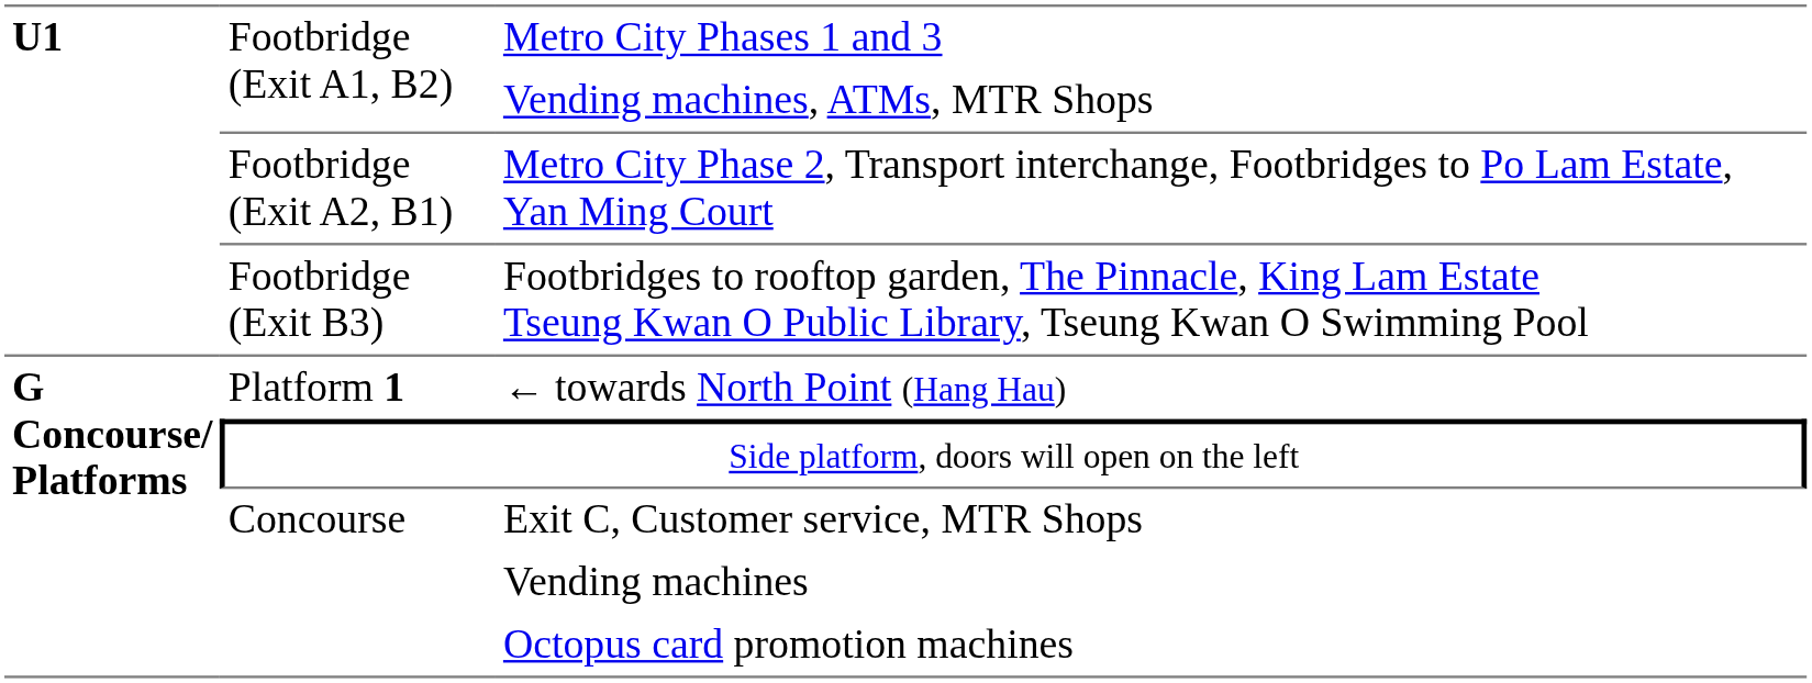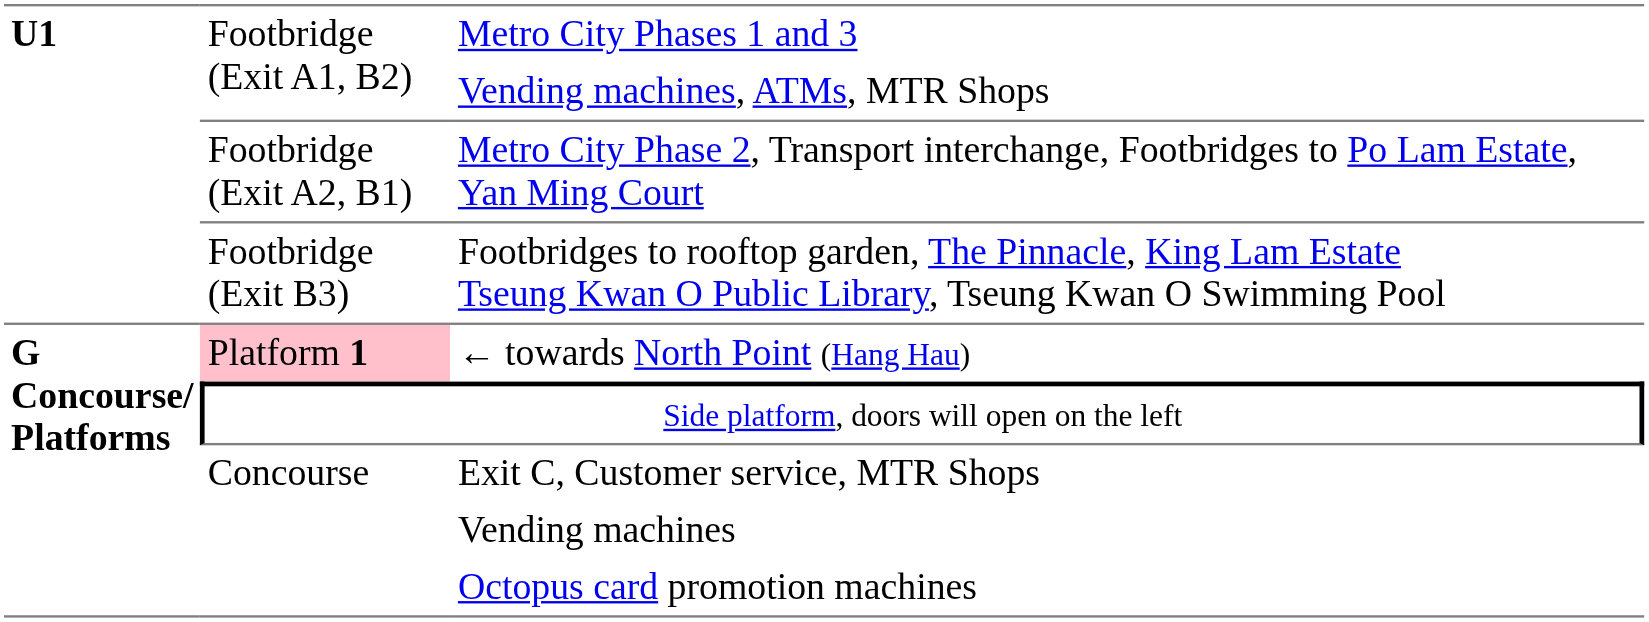 <table border=0 cellspacing=0 cellpadding=3>
 <tr>
 <td rowspan="4" style="border-bottom:solid 1px gray; border-top:solid 1px gray; vertical-align:top;width:50px;"><strong>U1</strong></td>
 <td rowspan="2" style="border-top:solid 1px gray; border-bottom:solid 1px gray; vertical-align:top;width:100px;">Footbridge<br>(Exit A1, B2)</td>
 <td style="border-top:solid 1px gray; vertical-align:top;width:500px;"><a href='#'>Metro City Phases 1 and 3</a></td>
 </tr>
 <tr>
 <td style="border-bottom:solid 1px gray;"><a href='#'>Vending machines</a>, <a href='#'>ATMs</a>, MTR Shops</td>
 </tr>
 <tr>
 <td style="border-bottom:solid 1px gray;">Footbridge<br>(Exit A2, B1)</td>
 <td style="border-bottom:solid 1px gray;"><a href='#'>Metro City Phase 2</a>, Transport interchange, Footbridges to <a href='#'>Po Lam Estate</a>, <a href='#'>Yan Ming Court</a></td>
 </tr>
 <tr>
 <td style="border-bottom:solid 1px gray;">Footbridge<br>(Exit B3)</td>
 <td style="border-bottom:solid 1px gray;">Footbridges to rooftop garden, <a href='#'>The Pinnacle</a>, <a href='#'>King Lam Estate</a><br><a href='#'>Tseung Kwan O Public Library</a>, Tseung Kwan O Swimming Pool</td>
 </tr>
 <tr>
 <td rowspan="5" style="border-bottom:solid 1px gray; vertical-align:top;"><strong>G<br>Concourse/<br>Platforms</strong></td>
-<td>Platform <span><strong>1</strong></span></td>
+<td style="background: pink;">Platform <span><strong>1</strong></span></td>
 <td>← towards <a href='#'>North Point</a> <small>(<a href='#'>Hang Hau</a>)</small></td>
 </tr>
 <tr>
 <td style="border-top:solid 2px black;border-right:solid 2px black;border-left:solid 2px black;border-bottom:solid 1px gray;text-align:center;" colspan=2><small><a href='#'>Side platform</a>, doors will open on the left</small></td>
 </tr>
 <tr>
 <td rowspan="3" style="border-bottom:solid 1px gray; vertical-align:top;">Concourse</td>
 <td>Exit C, Customer service, MTR Shops</td>
 </tr>
 <tr>
 <td>Vending machines</td>
 </tr>
 <tr>
 <td style="border-bottom:solid 1px gray;"><a href='#'>Octopus card</a> promotion machines</td>
 </tr>
 </table>
